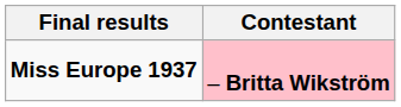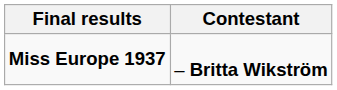 <table class="wikitable">
 <tr>
 <th>Final results</th>
 <th>Contestant</th>
 </tr>
 <tr>
 <td><strong>Miss Europe 1937</strong></td>
-<td style="background: pink;"><br><strong></strong> – <strong>Britta Wikström</strong></td>
+<td><br><strong></strong> – <strong>Britta Wikström</strong></td>
 </tr>
 </table>
